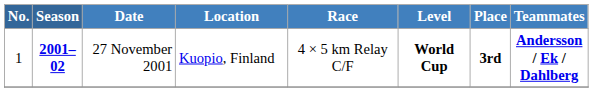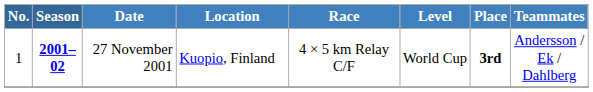 <table class="wikitable sortable" style="font-size:95%; text-align:center; border:grey solid 1px; border-collapse:collapse; background:#ffffff;">
 <tr style="background:#efefef;">
 <th style="background-color:#369; color:white;">No.</th>
 <th style="background-color:#369; color:white;">Season</th>
 <th style="background-color:#4180be; color:white; width:120px;">Date</th>
 <th style="background-color:#4180be; color:white; width:170px;">Location</th>
 <th style="background-color:#4180be; color:white; width:170px;">Race</th>
 <th style="background-color:#4180be; color:white; width:100px;">Level</th>
 <th style="background-color:#4180be; color:white;">Place</th>
 <th style="background-color:#4180be; color:white;">Teammates</th>
 </tr>
 <tr>
 <td align=center>1</td>
 <td rowspan=1 align=center><strong><a href='#'>2001–02</a></strong></td>
 <td align=right>27 November 2001</td>
 <td align=left> <a href='#'>Kuopio</a>, Finland</td>
 <td>4 × 5 km Relay C/F</td>
-<td><strong>World Cup</strong></td>
+<td>World Cup</td>
 <td><strong>3rd</strong></td>
-<td><strong><a href='#'>Andersson</a> / <a href='#'>Ek</a> / <a href='#'>Dahlberg</a></strong></td>
+<td><a href='#'>Andersson</a> / <a href='#'>Ek</a> / <a href='#'>Dahlberg</a></td>
 </tr>
 <tr>
 </tr>
 </table>
